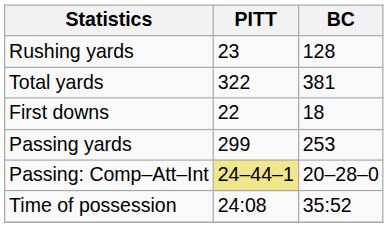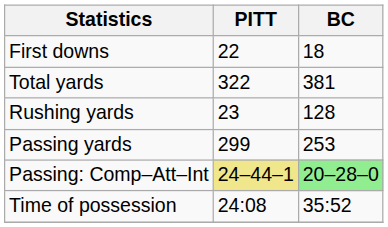 <table class="wikitable" style="float: left;">
 <tr>
 <th>Statistics</th>
 <th>PITT</th>
 <th>BC</th>
 </tr>
 <tr>
-<td>Rushing yards</td>
-<td>23</td>
-<td>128</td>
+<td>First downs</td>
+<td>22</td>
+<td>18</td>
 </tr>
 <tr>
 <td>Total yards</td>
 <td>322</td>
 <td>381</td>
 </tr>
 <tr>
-<td>First downs</td>
-<td>22</td>
-<td>18</td>
+<td>Rushing yards</td>
+<td>23</td>
+<td>128</td>
 </tr>
 <tr>
 <td>Passing yards</td>
 <td>299</td>
 <td>253</td>
 </tr>
 <tr>
 <td>Passing: Comp–Att–Int</td>
 <td style="background: khaki;">24–44–1</td>
-<td>20–28–0</td>
+<td style="background: lightgreen;">20–28–0</td>
 </tr>
 <tr>
 <td>Time of possession</td>
 <td>24:08</td>
 <td>35:52</td>
 </tr>
 <tr>
 </tr>
 </table>
